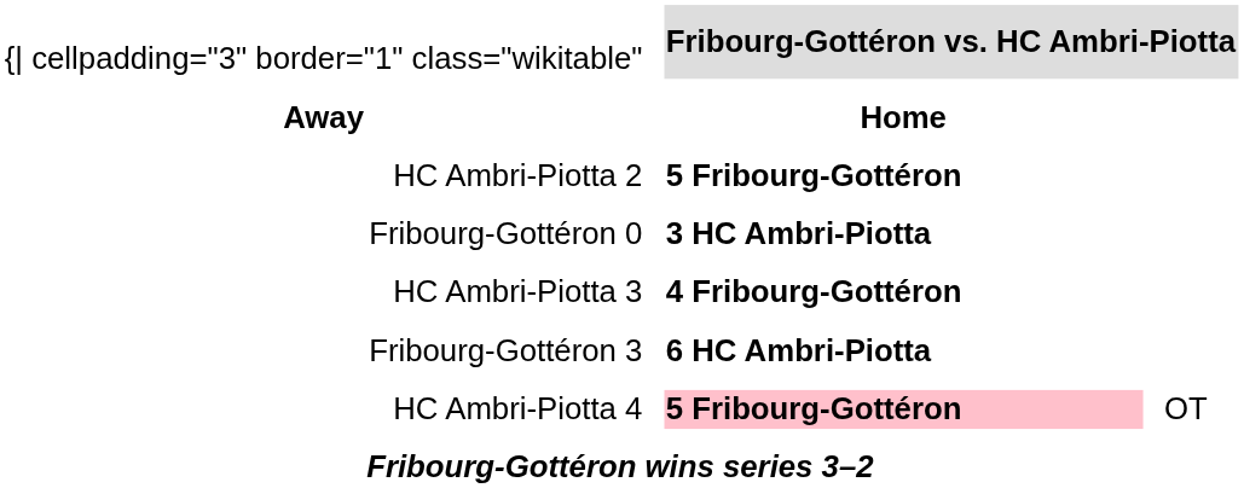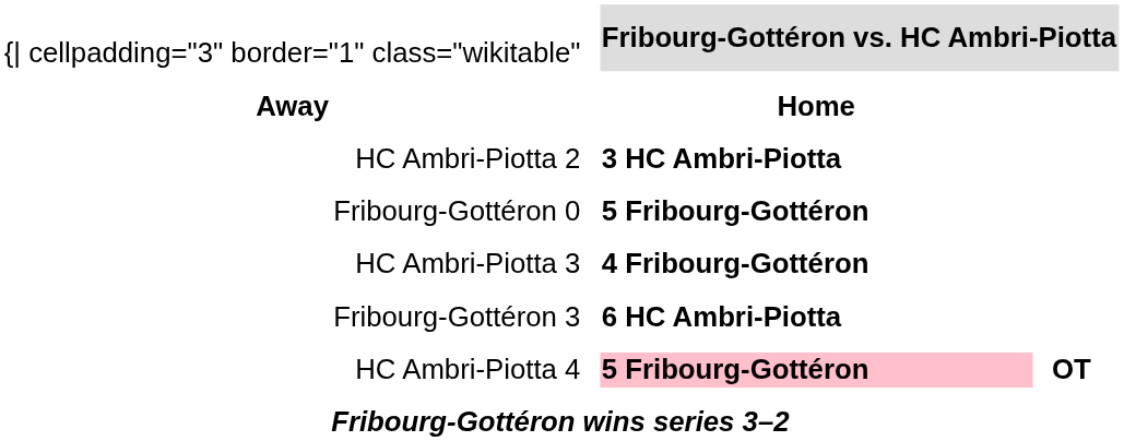 <table cellspacing="10">
 <tr>
 <td valign="top"><br>	{| cellpadding="3" border="1"  class="wikitable"</td>
 <th bgcolor="#DDDDDD" colspan="4">Fribourg-Gottéron vs. HC Ambri-Piotta</th>
 </tr>
 <tr>
 <th>Away</th>
 <th>Home</th>
 </tr>
 <tr>
 <td align = "right">HC Ambri-Piotta 2</td>
-<td><strong>5 Fribourg-Gottéron</strong></td>
+<td><strong>3 HC Ambri-Piotta</strong></td>
 <td> </td>
 </tr>
 <tr>
 <td align = "right">Fribourg-Gottéron 0</td>
-<td><strong>3 HC Ambri-Piotta</strong></td>
+<td><strong>5 Fribourg-Gottéron</strong></td>
 <td> </td>
 </tr>
 <tr>
 <td align = "right">HC Ambri-Piotta 3</td>
 <td><strong>4 Fribourg-Gottéron</strong></td>
 <td> </td>
 </tr>
 <tr>
 <td align = "right">Fribourg-Gottéron 3</td>
 <td><strong>6 HC Ambri-Piotta</strong></td>
 <td> </td>
 </tr>
 <tr>
 <td align = "right">HC Ambri-Piotta 4</td>
 <td style="background: pink;"><strong>5 Fribourg-Gottéron</strong></td>
-<td>OT</td>
+<td><strong>OT</strong></td>
 </tr>
 <tr align="center">
 <td colspan="4"><strong><em>Fribourg-Gottéron wins series 3–2</em></strong></td>
 </tr>
 </table>
